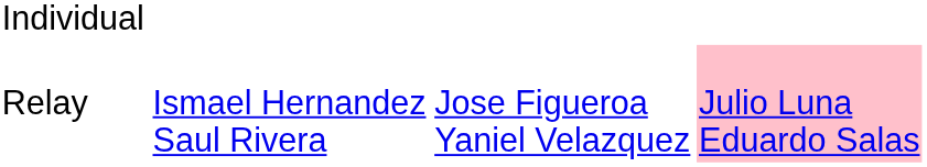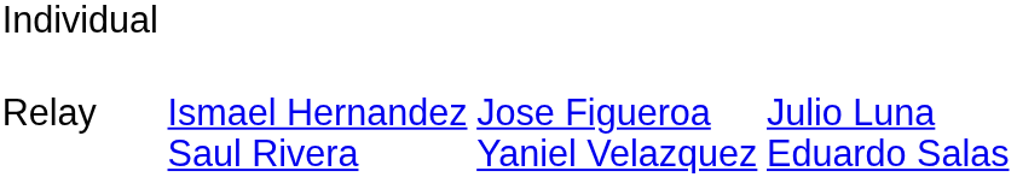 <table>
 <tr>
 <td>Individual</td>
 <td></td>
 <td></td>
 <td></td>
 </tr>
 <tr>
 <td>Relay</td>
 <td><br><a href='#'>Ismael Hernandez</a><br><a href='#'>Saul Rivera</a></td>
 <td><br><a href='#'>Jose Figueroa</a><br><a href='#'>Yaniel Velazquez</a></td>
-<td style="background: pink;"><br><a href='#'>Julio Luna</a><br><a href='#'>Eduardo Salas</a></td>
+<td><br><a href='#'>Julio Luna</a><br><a href='#'>Eduardo Salas</a></td>
 </tr>
 <tr>
 </tr>
 </table>
